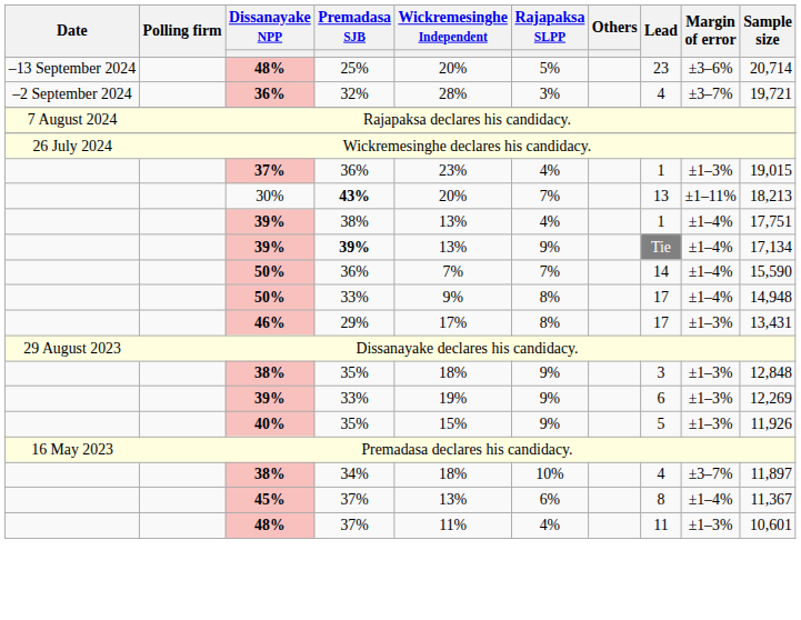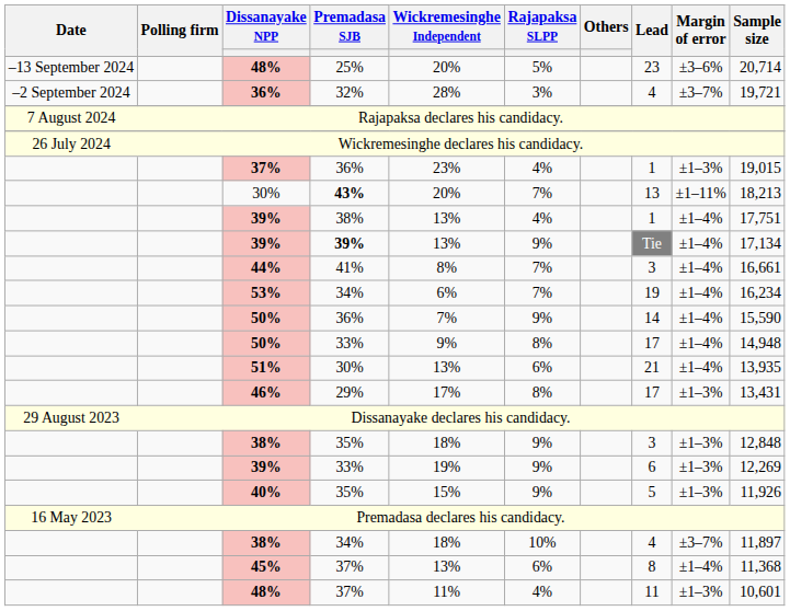 <table class="wikitable sortable mw-datatable" style="text-align:center;font-size:90%;line-height:17px">
 <tr style="height:40px;">
 <th rowspan="2">Date</th>
 <th rowspan="2">Polling firm</th>
 <th class="unsortable" style="width:40px;"><a href='#'>Dissanayake</a><br><small><a href='#'>NPP</a></small></th>
 <th class="unsortable" style="width:40px;"><a href='#'>Premadasa</a><br><small><a href='#'>SJB</a></small></th>
 <th class="unsortable" style="width:40px;"><a href='#'>Wickremesinghe</a><br><small><a href='#'>Independent</a></small></th>
 <th class="unsortable" style="width:40px;"><a href='#'>Rajapaksa</a><br><small><a href='#'>SLPP</a></small></th>
 <th class="unsortable" style="width:40px;">Others</th>
 <th rowspan="2" data-sort-type="number">Lead</th>
 <th rowspan="2" class="unsortable">Margin<br>of error</th>
 <th rowspan="2" class="unsortable">Sample<br>size<br></th>
 </tr>
 <tr>
 <th data-sort-type="number" style="background:"></th>
 <th data-sort-type="number" style="background:"></th>
 <th data-sort-type="number" style="background:"></th>
 <th data-sort-type="number" style="background:"></th>
 <th data-sort-type="number" style="background:"></th>
 </tr>
 <tr>
 <td>–13 September 2024</td>
 <td></td>
 <td style="background:rgb(248, 193, 190)"><strong>48%</strong></td>
 <td>25%</td>
 <td>20%</td>
 <td>5%</td>
 <td></td>
 <td style="background:">23</td>
 <td>±3–6%</td>
 <td style="text-align:right;">20,714</td>
 </tr>
 <tr>
 <td>–2 September 2024</td>
 <td></td>
 <td style="background:rgb(248, 193, 190)"><strong>36%</strong></td>
 <td>32%</td>
 <td>28%</td>
 <td>3%</td>
 <td></td>
 <td style="background:">4</td>
 <td>±3–7%</td>
 <td style="text-align:right;">19,721</td>
 </tr>
 <tr>
 </tr>
 <tr style="background:lightyellow;">
 <td style="border-right-style:hidden; background:lightyellow;" data-sort-value="2024-08-07">7 August 2024</td>
 <td colspan="9" style="background:lightyellow;">Rajapaksa declares his candidacy.</td>
 </tr>
 <tr>
 </tr>
 <tr style="background:lightyellow;">
 <td style="border-right-style:hidden; background:lightyellow;" data-sort-value="2024-07-26">26 July 2024</td>
 <td colspan="9" style="background:lightyellow;">Wickremesinghe declares his candidacy.</td>
 </tr>
 <tr>
 <td></td>
 <td></td>
 <td style="background:rgb(248, 193, 190)"><strong>37%</strong></td>
 <td>36%</td>
 <td>23%</td>
 <td>4%</td>
 <td></td>
 <td style="background:">1</td>
 <td>±1–3%</td>
 <td style="text-align:right;">19,015</td>
 </tr>
 <tr>
 <td></td>
 <td></td>
 <td>30%</td>
 <td><strong>43%</strong></td>
 <td>20%</td>
 <td>7%</td>
 <td></td>
 <td style="background:">13</td>
 <td>±1–11%</td>
 <td style="text-align:right;">18,213</td>
 </tr>
 <tr>
 <td></td>
 <td></td>
 <td style="background:rgb(248, 193, 190)"><strong>39%</strong></td>
 <td>38%</td>
 <td>13%</td>
 <td>4%</td>
 <td></td>
 <td style="background:">1</td>
 <td>±1–4%</td>
 <td style="text-align:right;">17,751</td>
 </tr>
 <tr>
 <td></td>
 <td></td>
 <td style="background:rgb(248, 193, 190)"><strong>39%</strong></td>
 <td><strong>39%</strong></td>
 <td>13%</td>
 <td>9%</td>
 <td></td>
 <td style="background:grey;color:#FFFFFF;" data-sort-value="0">Tie</td>
 <td>±1–4%</td>
 <td style="text-align:right;">17,134</td>
 </tr>
 <tr>
 <td></td>
 <td></td>
+<td style="background:rgb(248, 193, 190)"><strong>44%</strong></td>
+<td>41%</td>
+<td>8%</td>
+<td>7%</td>
+<td></td>
+<td style="background:">3</td>
+<td>±1–4%</td>
+<td style="text-align:right;">16,661</td>
+</tr>
+<tr>
+<td></td>
+<td></td>
+<td style="background:rgb(248, 193, 190)"><strong>53%</strong></td>
+<td>34%</td>
+<td>6%</td>
+<td>7%</td>
+<td></td>
+<td style="background:">19</td>
+<td>±1–4%</td>
+<td style="text-align:right;">16,234</td>
+</tr>
+<tr>
+<td></td>
+<td></td>
 <td style="background:rgb(248, 193, 190)"><strong>50%</strong></td>
 <td>36%</td>
 <td>7%</td>
-<td>7%</td>
+<td>9%</td>
 <td></td>
 <td style="background:">14</td>
 <td>±1–4%</td>
 <td style="text-align:right;">15,590</td>
 </tr>
 <tr>
 <td></td>
 <td></td>
 <td style="background:rgb(248, 193, 190)"><strong>50%</strong></td>
 <td>33%</td>
 <td>9%</td>
 <td>8%</td>
 <td></td>
 <td style="background:">17</td>
 <td>±1–4%</td>
 <td style="text-align:right;">14,948</td>
+</tr>
+<tr>
+<td></td>
+<td></td>
+<td style="background:rgb(248, 193, 190)"><strong>51%</strong></td>
+<td>30%</td>
+<td>13%</td>
+<td>6%</td>
+<td></td>
+<td style="background:">21</td>
+<td>±1–4%</td>
+<td style="text-align:right;">13,935</td>
 </tr>
 <tr>
 <td></td>
 <td></td>
 <td style="background:rgb(248, 193, 190)"><strong>46%</strong></td>
 <td>29%</td>
 <td>17%</td>
 <td>8%</td>
 <td></td>
 <td style="background:">17</td>
 <td>±1–3%</td>
 <td style="text-align:right;">13,431</td>
 </tr>
 <tr style="background:lightyellow;">
 <td style="border-right-style:hidden; background:lightyellow;" data-sort-value="2023-08-29">29 August 2023</td>
 <td colspan="9" style="background:lightyellow;">Dissanayake declares his candidacy.</td>
 </tr>
 <tr>
 <td></td>
 <td></td>
 <td style="background:rgb(248, 193, 190)"><strong>38%</strong></td>
 <td>35%</td>
 <td>18%</td>
 <td>9%</td>
 <td></td>
 <td style="background:">3</td>
 <td>±1–3%</td>
 <td style="text-align:right;">12,848</td>
 </tr>
 <tr>
 <td></td>
 <td></td>
 <td style="background:rgb(248, 193, 190)"><strong>39%</strong></td>
 <td>33%</td>
 <td>19%</td>
 <td>9%</td>
 <td></td>
 <td style="background:">6</td>
 <td>±1–3%</td>
 <td style="text-align:right;">12,269</td>
 </tr>
 <tr>
 <td></td>
 <td></td>
 <td style="background:rgb(248, 193, 190)"><strong>40%</strong></td>
 <td>35%</td>
 <td>15%</td>
 <td>9%</td>
 <td></td>
 <td style="background:">5</td>
 <td>±1–3%</td>
 <td style="text-align:right;">11,926</td>
 </tr>
 <tr style="background:lightyellow;">
 <td style="border-right-style:hidden; background:lightyellow;" data-sort-value="2023-05-16">16 May 2023</td>
 <td colspan="9" style="background:lightyellow;">Premadasa declares his candidacy.</td>
 </tr>
 <tr>
 <td></td>
 <td></td>
 <td style="background:rgb(248, 193, 190)"><strong>38%</strong></td>
 <td>34%</td>
 <td>18%</td>
 <td>10%</td>
 <td></td>
 <td style="background:">4</td>
 <td>±3–7%</td>
 <td style="text-align:right;">11,897</td>
 </tr>
 <tr>
 <td></td>
 <td></td>
 <td style="background:rgb(248, 193, 190)"><strong>45%</strong></td>
 <td>37%</td>
 <td>13%</td>
 <td>6%</td>
 <td></td>
 <td style="background:">8</td>
 <td>±1–4%</td>
-<td style="text-align:right;">11,367</td>
+<td style="text-align:right;">11,368</td>
 </tr>
 <tr>
 <td></td>
 <td></td>
 <td style="background:rgb(248, 193, 190)"><strong>48%</strong></td>
 <td>37%</td>
 <td>11%</td>
 <td>4%</td>
 <td></td>
 <td style="background:">11</td>
 <td>±1–3%</td>
 <td style="text-align:right;">10,601</td>
 </tr>
 </table>
